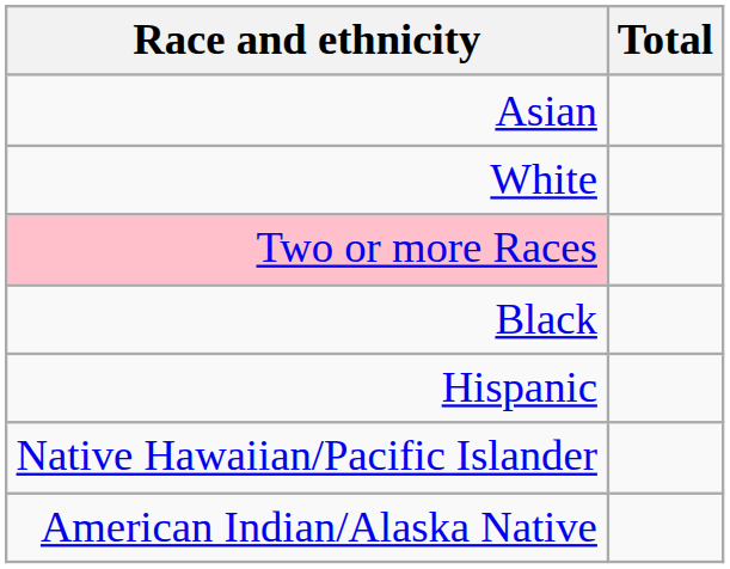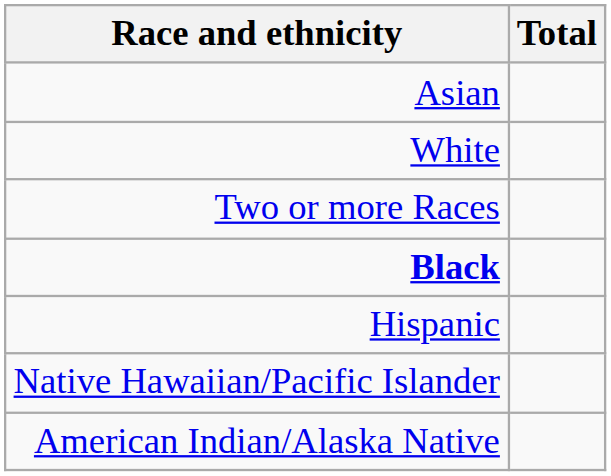 <table class="wikitable sortable collapsible floatright"; style="text-align:right">
 <tr>
 <th>Race and ethnicity</th>
 <th colspan="2" data-sort-type=number>Total</th>
 </tr>
 <tr>
 <td><a href='#'>Asian</a></td>
 <td align=right></td>
 </tr>
 <tr>
 <td><a href='#'>White</a></td>
 <td align=right></td>
 </tr>
 <tr>
-<td style="background: pink;"><a href='#'>Two or more Races</a></td>
+<td><a href='#'>Two or more Races</a></td>
 <td align=right></td>
 </tr>
 <tr>
-<td><a href='#'>Black</a></td>
+<td><strong><a href='#'>Black</a></strong></td>
 <td align=right></td>
 </tr>
 <tr>
 <td><a href='#'>Hispanic</a></td>
 <td align=right></td>
 </tr>
 <tr>
 <td><a href='#'>Native Hawaiian/Pacific Islander</a></td>
 <td align=right></td>
 </tr>
 <tr>
 <td><a href='#'>American Indian/Alaska Native</a></td>
 <td align=right></td>
 </tr>
 </table>
